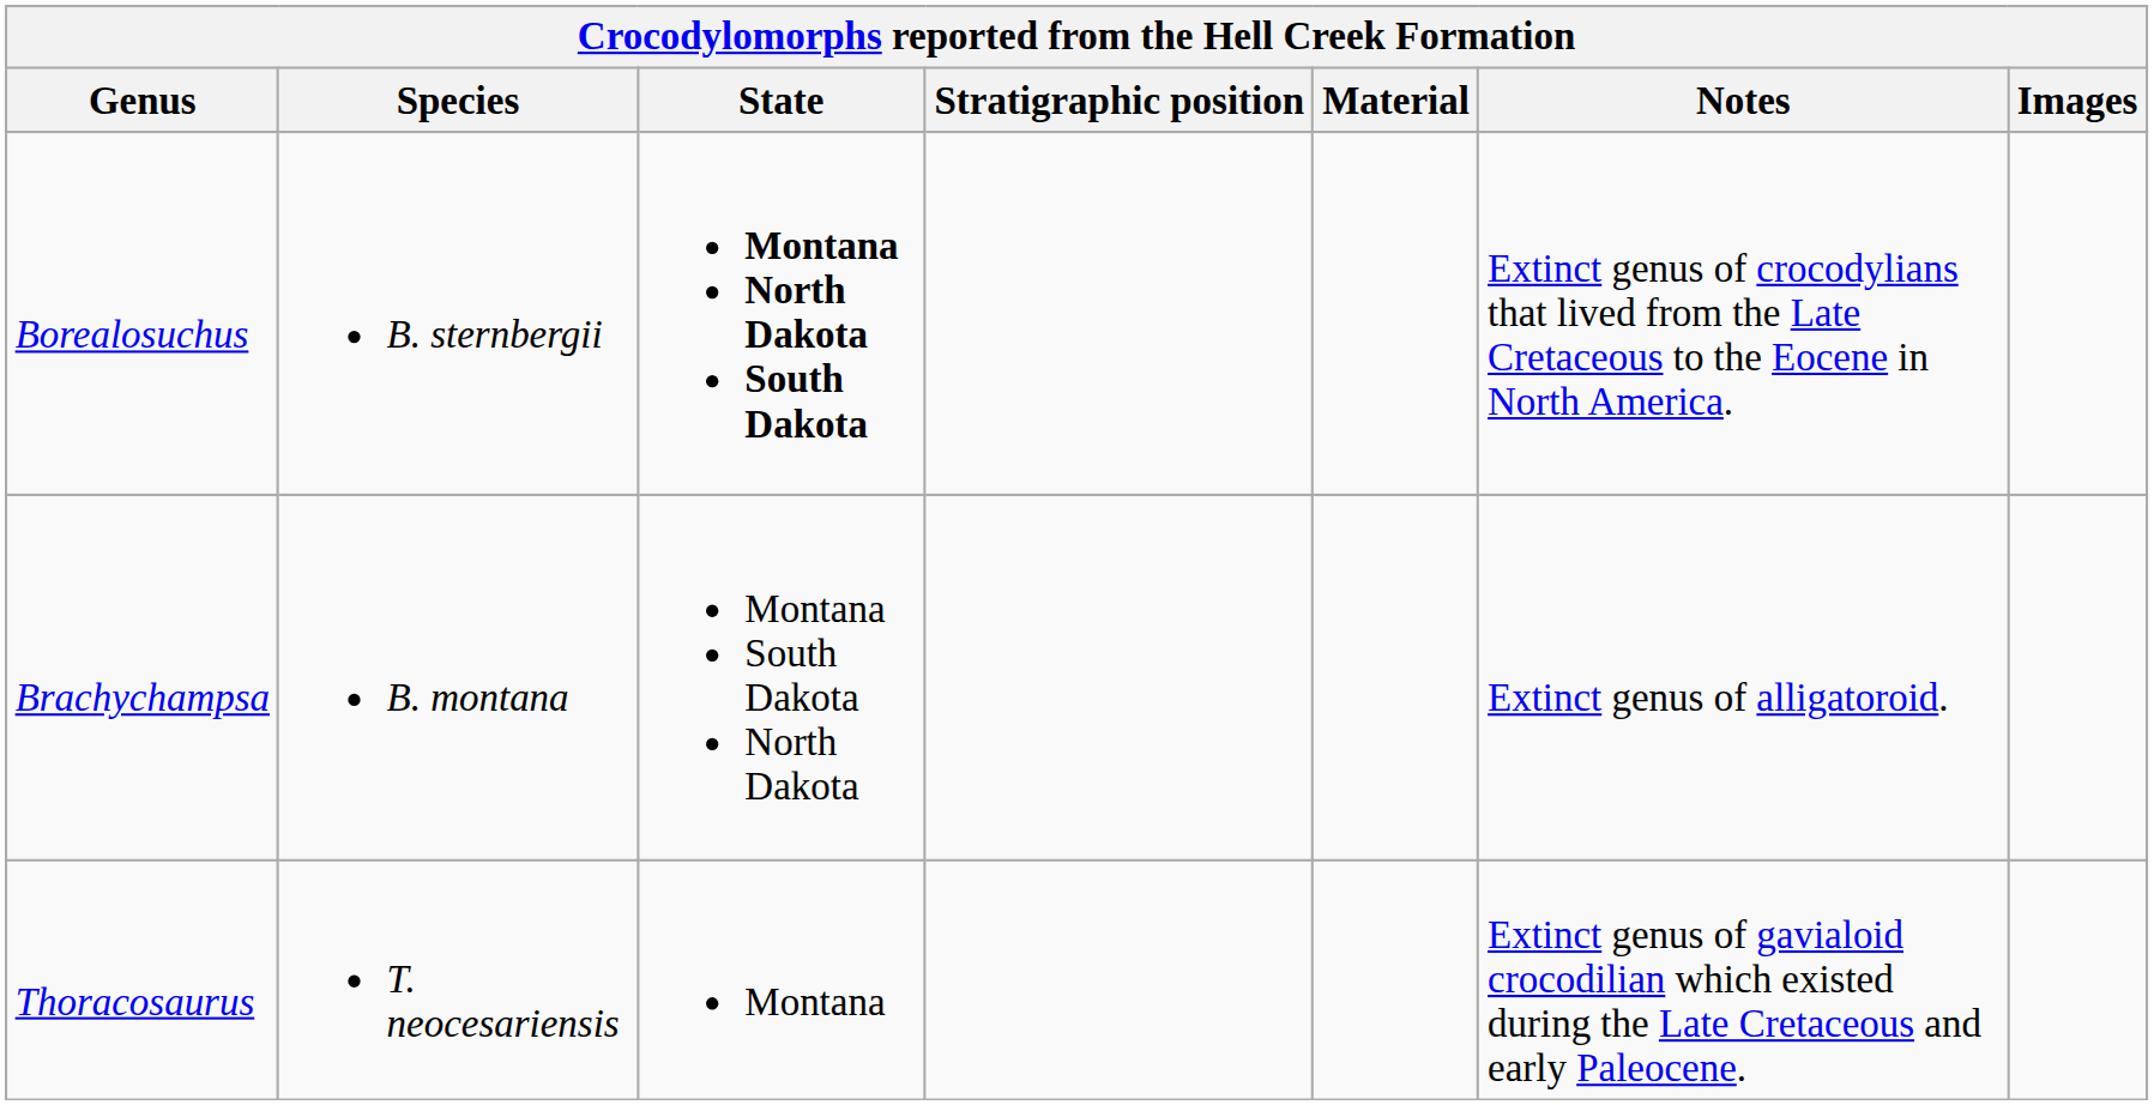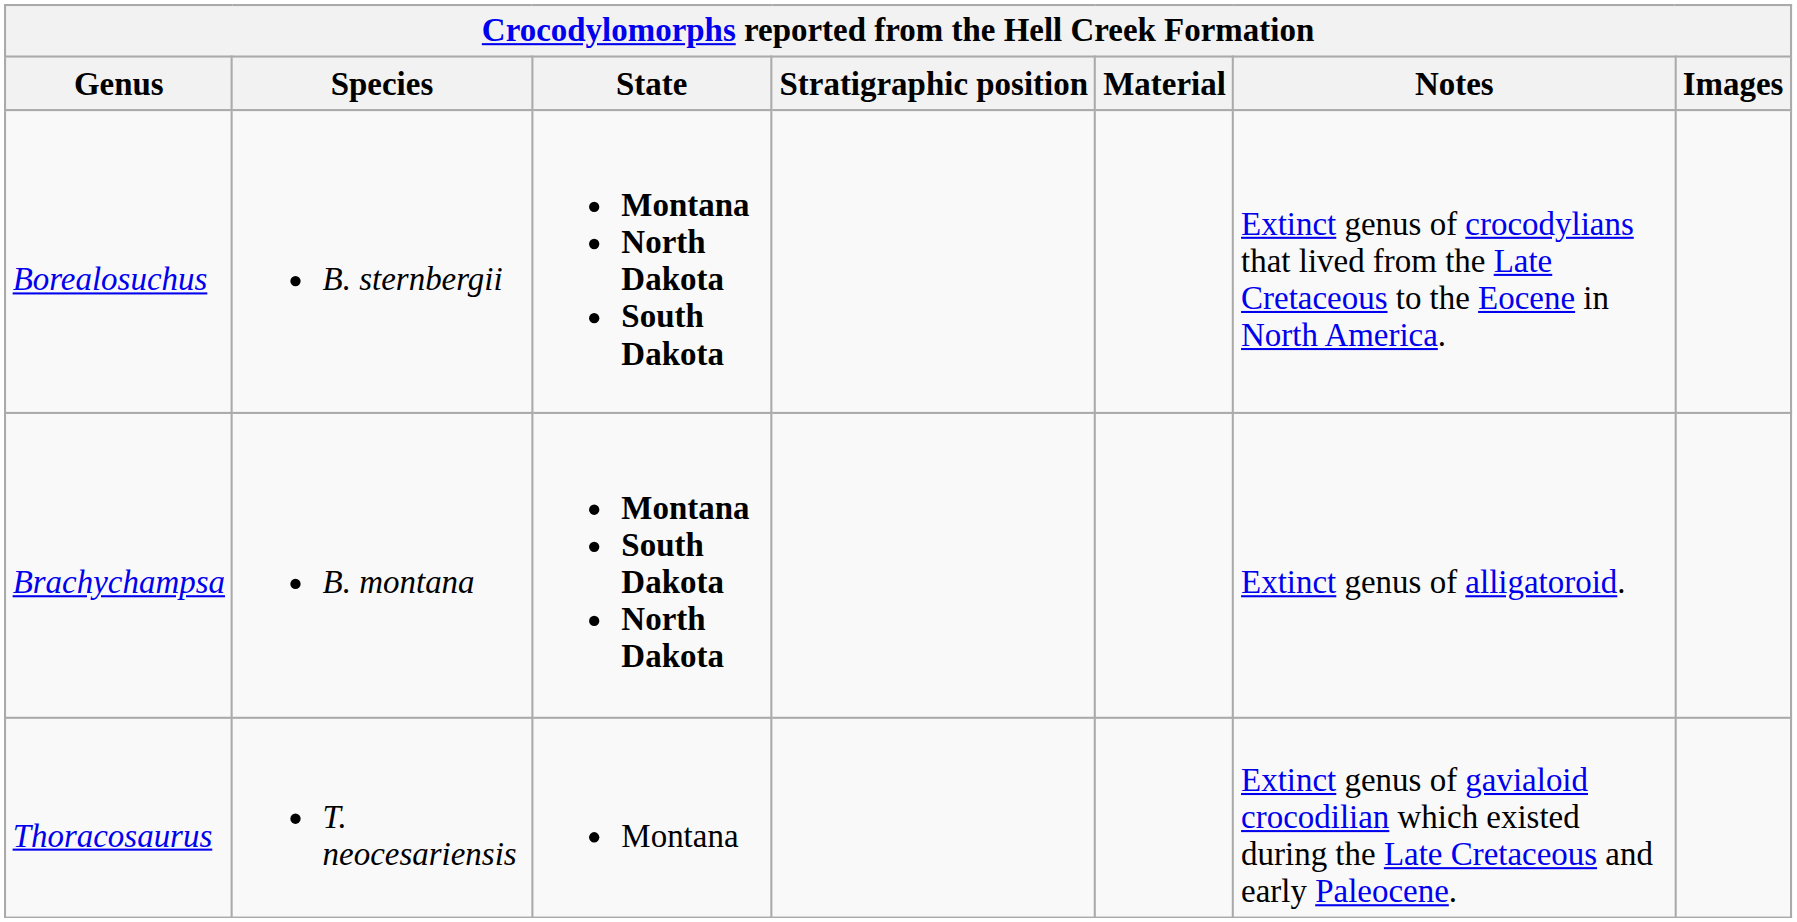 <table class="wikitable sortable mw-collapsible">
 <tr>
 <th colspan="8" style="text-align:center;"><strong><a href='#'>Crocodylomorphs</a> reported from the Hell Creek Formation</strong></th>
 </tr>
 <tr>
 <th>Genus</th>
 <th>Species</th>
 <th>State</th>
 <th>Stratigraphic position</th>
 <th>Material</th>
 <th>Notes</th>
 <th>Images</th>
 </tr>
 <tr>
 <td><br><em><a href='#'>Borealosuchus</a></em></td>
 <td><br><ul><li><em>B. sternbergii</em></li></ul></td>
 <td><strong><br><ul><li>Montana</li><li>North Dakota</li><li>South Dakota</li></ul></strong></td>
 <td></td>
 <td></td>
 <td><br><a href='#'>Extinct</a> genus of <a href='#'>crocodylians</a> that lived from the <a href='#'>Late Cretaceous</a> to the <a href='#'>Eocene</a> in <a href='#'>North America</a>.</td>
 <td><br> </td>
 </tr>
 <tr>
 <td><br><em><a href='#'>Brachychampsa</a></em></td>
 <td><br><ul><li><em>B. montana</em></li></ul></td>
-<td><br><ul><li>Montana</li><li>South Dakota</li><li>North Dakota</li></ul></td>
+<td><strong><br><ul><li>Montana</li><li>South Dakota</li><li>North Dakota</li></ul></strong></td>
 <td></td>
 <td></td>
 <td><br><a href='#'>Extinct</a> genus of <a href='#'>alligatoroid</a>.</td>
 <td><br> </td>
 </tr>
 <tr>
 <td><br><em><a href='#'>Thoracosaurus</a></em></td>
 <td><br><ul><li><em>T. neocesariensis</em></li></ul></td>
 <td><br><ul><li>Montana</li></ul></td>
 <td></td>
 <td></td>
 <td><br><a href='#'>Extinct</a> genus of <a href='#'>gavialoid</a> <a href='#'>crocodilian</a> which existed during the <a href='#'>Late Cretaceous</a> and early <a href='#'>Paleocene</a>.</td>
 <td><br> </td>
 </tr>
 </table>
